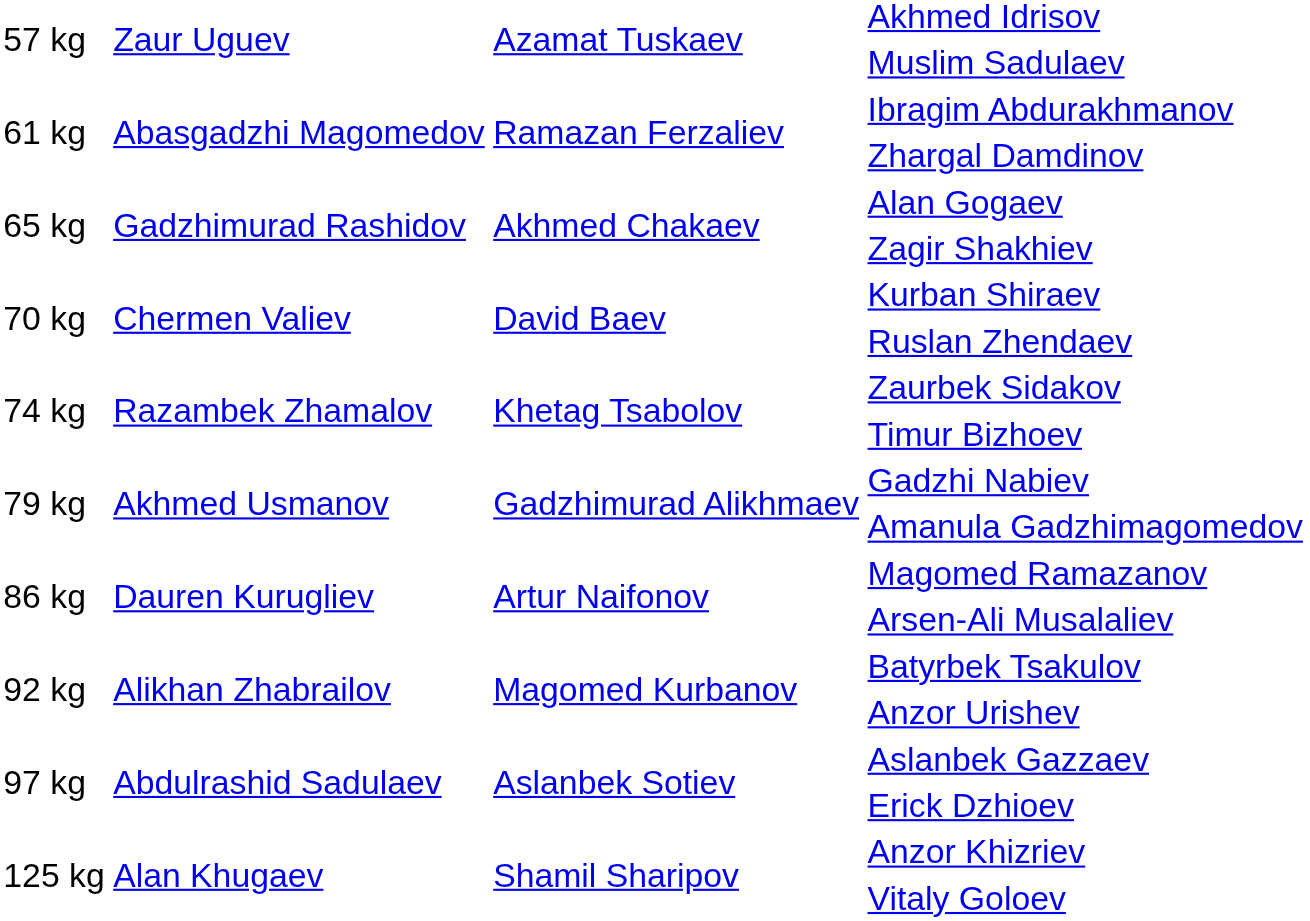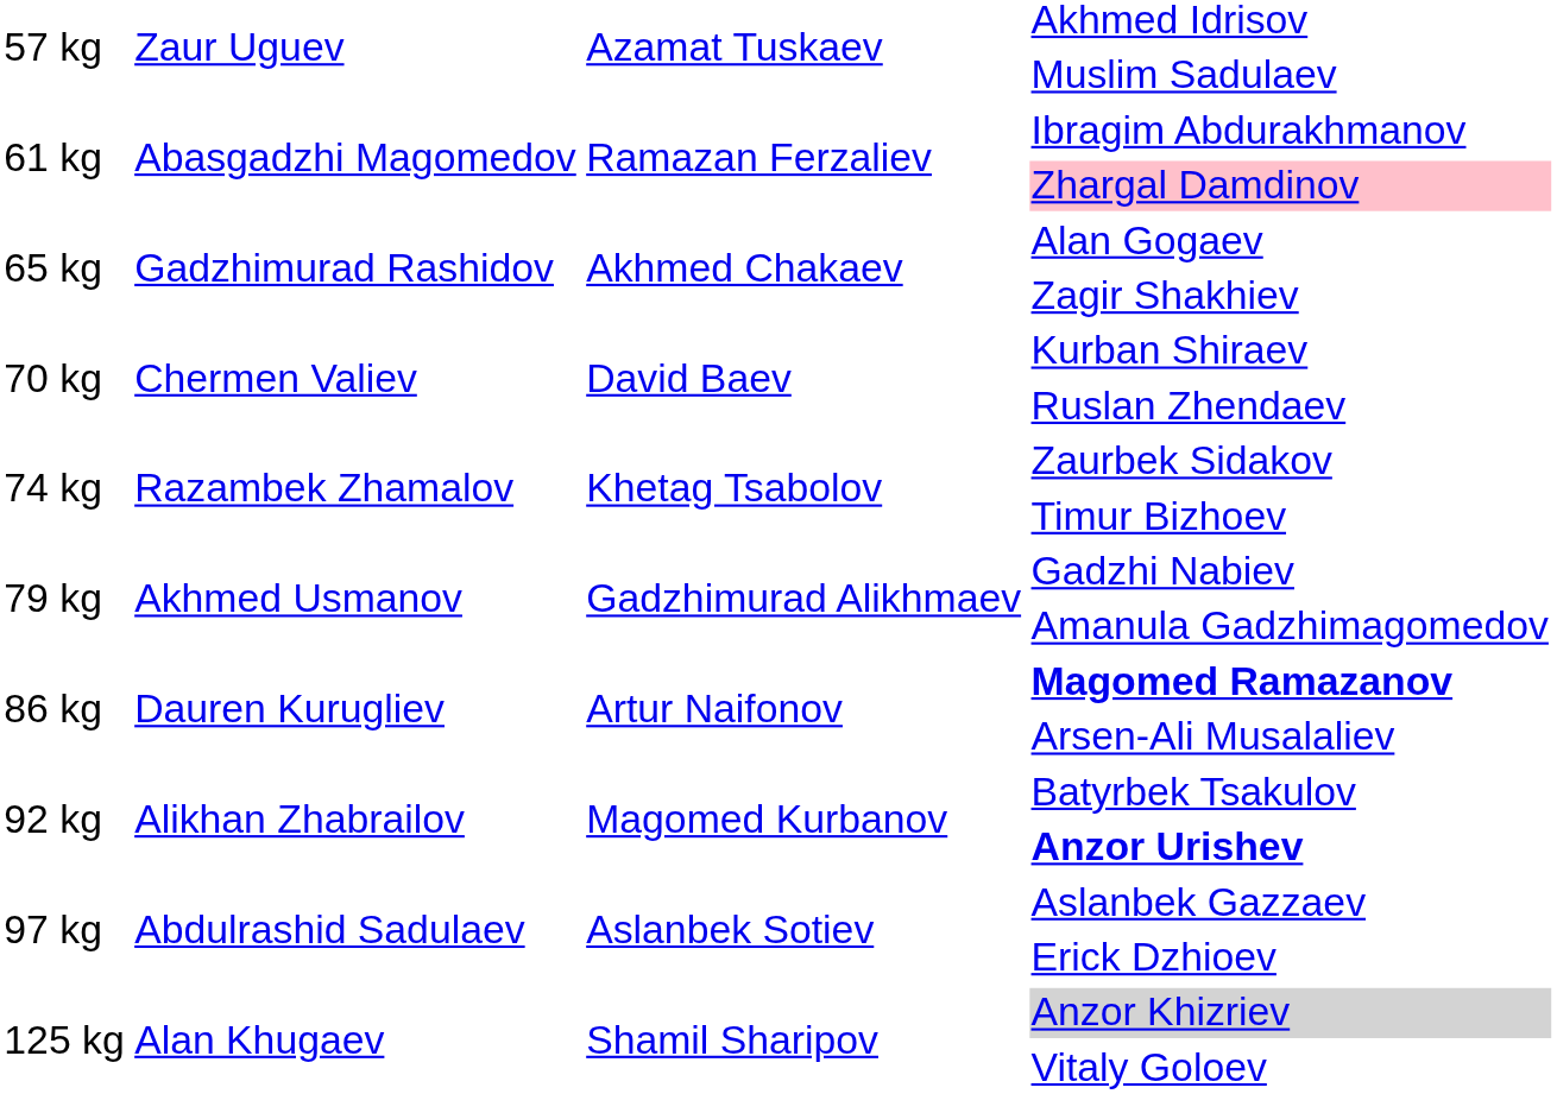 <table>
 <tr>
 <td rowspan=2>57 kg<br></td>
 <td rowspan=2> <a href='#'>Zaur Uguev</a></td>
 <td rowspan=2> <a href='#'>Azamat Tuskaev</a></td>
 <td>  <a href='#'>Akhmed Idrisov</a></td>
 </tr>
 <tr>
 <td> <a href='#'>Muslim Sadulaev</a></td>
 </tr>
 <tr>
 <td rowspan=2>61 kg<br></td>
 <td rowspan=2> <a href='#'>Abasgadzhi Magomedov</a></td>
 <td rowspan=2> <a href='#'>Ramazan Ferzaliev</a></td>
 <td> <a href='#'>Ibragim Abdurakhmanov</a></td>
 </tr>
 <tr>
-<td> <a href='#'>Zhargal Damdinov</a></td>
+<td style="background: pink;"> <a href='#'>Zhargal Damdinov</a></td>
 </tr>
 <tr>
 <td rowspan=2>65 kg<br></td>
 <td rowspan=2> <a href='#'>Gadzhimurad Rashidov</a></td>
 <td rowspan=2> <a href='#'>Akhmed Chakaev</a></td>
 <td> <a href='#'>Alan Gogaev</a></td>
 </tr>
 <tr>
 <td> <a href='#'>Zagir Shakhiev</a></td>
 </tr>
 <tr>
 <td rowspan=2>70 kg<br></td>
 <td rowspan=2> <a href='#'>Chermen Valiev</a></td>
 <td rowspan=2> <a href='#'>David Baev</a></td>
 <td> <a href='#'>Kurban Shiraev</a></td>
 </tr>
 <tr>
 <td> <a href='#'>Ruslan Zhendaev</a></td>
 </tr>
 <tr>
 <td rowspan=2>74 kg<br></td>
 <td rowspan=2> <a href='#'>Razambek Zhamalov</a></td>
 <td rowspan=2> <a href='#'>Khetag Tsabolov</a></td>
 <td> <a href='#'>Zaurbek Sidakov</a></td>
 </tr>
 <tr>
 <td> <a href='#'>Timur Bizhoev</a></td>
 </tr>
 <tr>
 <td rowspan=2>79 kg<br></td>
 <td rowspan=2> <a href='#'>Akhmed Usmanov</a></td>
 <td rowspan=2> <a href='#'>Gadzhimurad Alikhmaev</a></td>
 <td> <a href='#'>Gadzhi Nabiev</a></td>
 </tr>
 <tr>
 <td> <a href='#'>Amanula Gadzhimagomedov</a></td>
 </tr>
 <tr>
 <td rowspan=2>86 kg<br></td>
 <td rowspan=2> <a href='#'>Dauren Kurugliev</a></td>
 <td rowspan=2> <a href='#'>Artur Naifonov</a></td>
-<td> <a href='#'>Magomed Ramazanov</a></td>
+<td><strong> <a href='#'>Magomed Ramazanov</a></strong></td>
 </tr>
 <tr>
 <td> <a href='#'>Arsen-Ali Musalaliev</a></td>
 </tr>
 <tr>
 <td rowspan=2>92 kg<br></td>
 <td rowspan=2> <a href='#'>Alikhan Zhabrailov</a></td>
 <td rowspan=2> <a href='#'>Magomed Kurbanov</a></td>
 <td> <a href='#'>Batyrbek Tsakulov</a></td>
 </tr>
 <tr>
-<td> <a href='#'>Anzor Urishev</a></td>
+<td><strong> <a href='#'>Anzor Urishev</a></strong></td>
 </tr>
 <tr>
 <td rowspan=2>97 kg<br></td>
 <td rowspan=2> <a href='#'>Abdulrashid Sadulaev</a></td>
 <td rowspan=2> <a href='#'>Aslanbek Sotiev</a></td>
 <td> <a href='#'>Aslanbek Gazzaev</a></td>
 </tr>
 <tr>
 <td> <a href='#'>Erick Dzhioev</a></td>
 </tr>
 <tr>
 <td rowspan=2>125 kg<br></td>
 <td rowspan=2> <a href='#'>Alan Khugaev</a></td>
 <td rowspan=2> <a href='#'>Shamil Sharipov</a></td>
-<td> <a href='#'>Anzor Khizriev</a></td>
+<td style="background: lightgrey;"> <a href='#'>Anzor Khizriev</a></td>
 </tr>
 <tr>
 <td> <a href='#'>Vitaly Goloev</a></td>
 </tr>
 </table>
